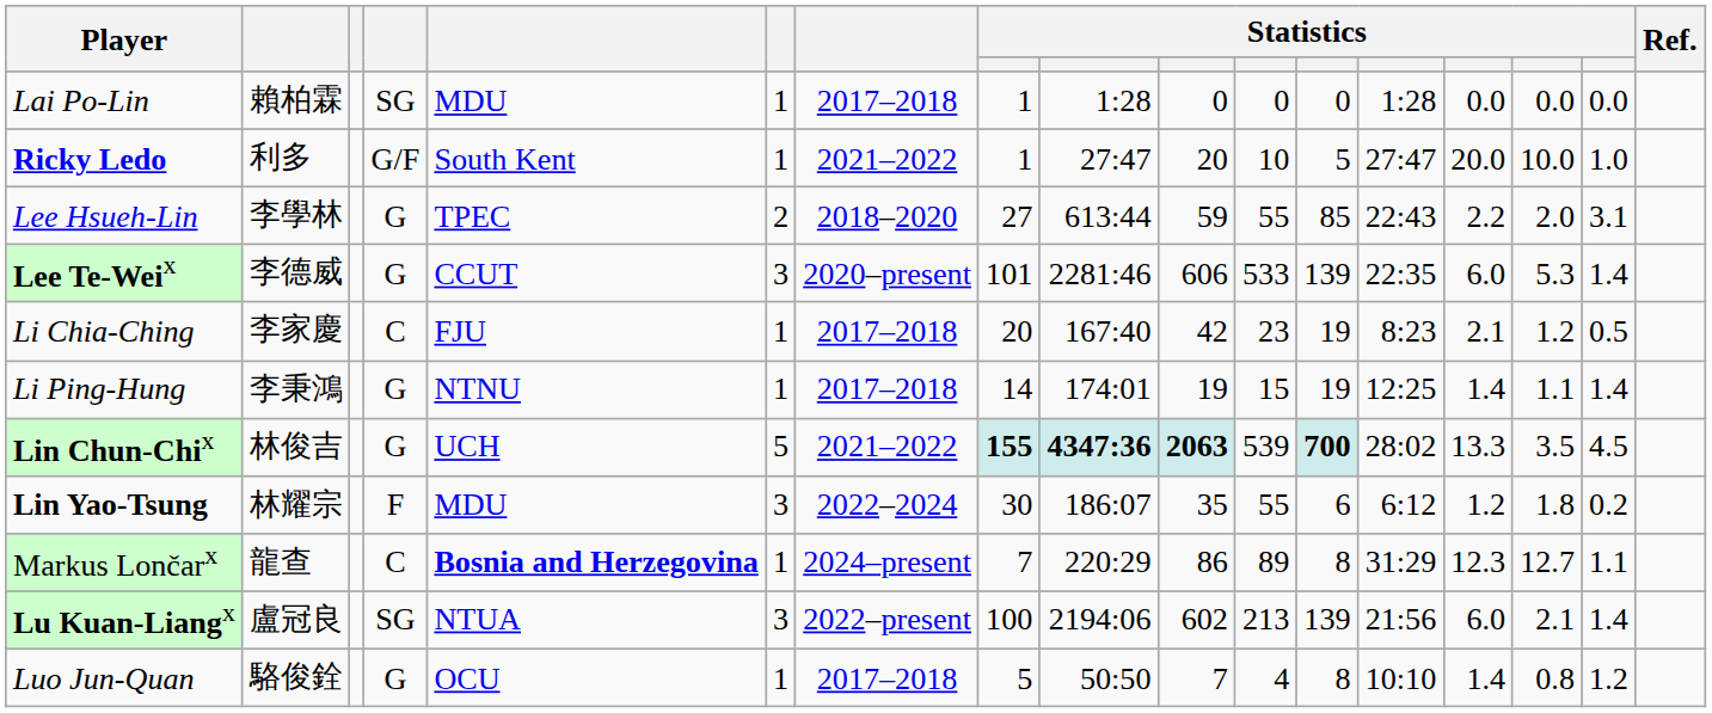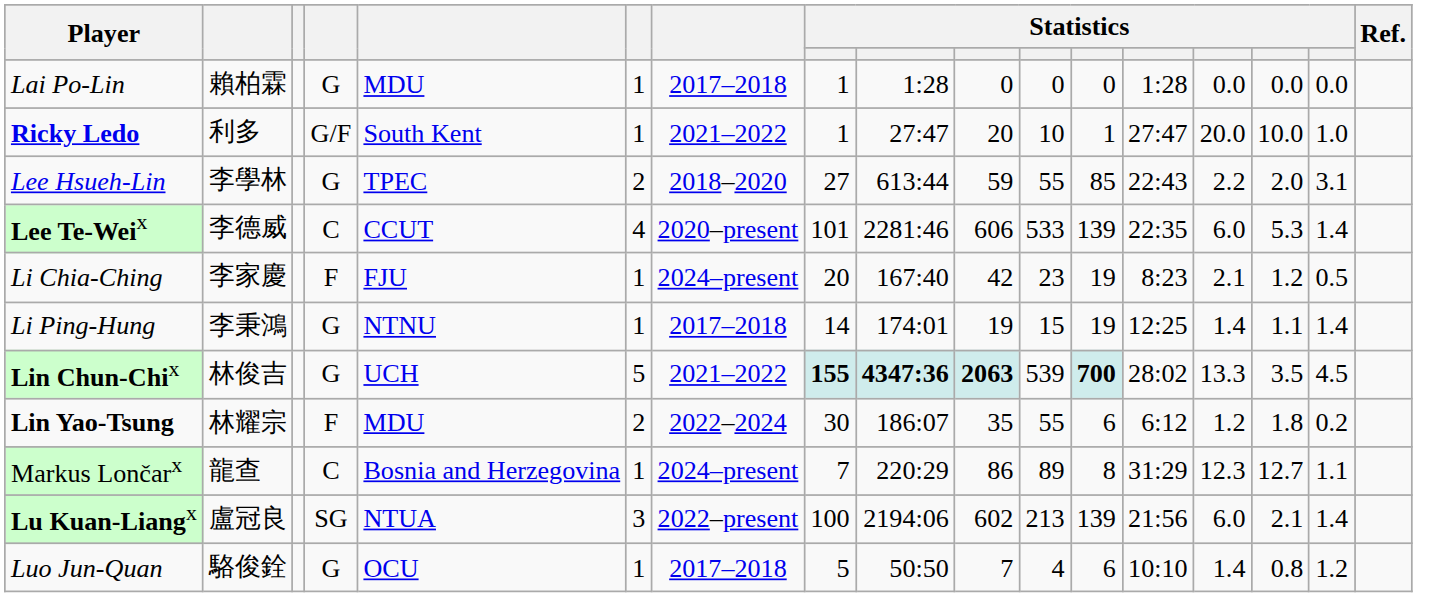 <table class="wikitable sortable" style="font-size:95%; text-align:right;">
 <tr>
 <th rowspan="2">Player</th>
 <th rowspan="2"></th>
 <th rowspan="2"></th>
 <th rowspan="2"></th>
 <th rowspan="2"></th>
 <th rowspan="2"></th>
 <th rowspan="2"></th>
 <th colspan="9">Statistics</th>
 <th rowspan="2">Ref.</th>
 </tr>
 <tr>
 <th></th>
 <th></th>
 <th></th>
 <th></th>
 <th></th>
 <th></th>
 <th></th>
 <th></th>
 <th></th>
 </tr>
 <tr>
 <td align="left"><em>Lai Po-Lin</em></td>
 <td align="left">賴柏霖</td>
 <td align="center"></td>
-<td align="center">SG</td>
+<td align="center">G</td>
 <td align="left"><a href='#'>MDU</a></td>
 <td align="center">1</td>
 <td align="center"><a href='#'>2017–2018</a></td>
 <td>1</td>
 <td>1:28</td>
 <td>0</td>
 <td>0</td>
 <td>0</td>
 <td>1:28</td>
 <td>0.0</td>
 <td>0.0</td>
 <td>0.0</td>
 <td align="center"></td>
 </tr>
 <tr>
 <td align="left"><strong><a href='#'>Ricky Ledo</a></strong></td>
 <td align="left">利多</td>
 <td align="center"></td>
 <td align="center">G/F</td>
 <td align="left"><a href='#'>South Kent</a></td>
 <td align="center">1</td>
 <td align="center"><a href='#'>2021–2022</a></td>
 <td>1</td>
 <td>27:47</td>
 <td>20</td>
 <td>10</td>
-<td>5</td>
+<td>1</td>
 <td>27:47</td>
 <td>20.0</td>
 <td>10.0</td>
 <td>1.0</td>
 <td align="center"></td>
 </tr>
 <tr>
 <td align="left"><em><a href='#'>Lee Hsueh-Lin</a></em></td>
 <td align="left">李學林</td>
 <td align="center"></td>
 <td align="center">G</td>
 <td align="left"><a href='#'>TPEC</a></td>
 <td align="center">2</td>
 <td align="center"><a href='#'>2018</a>–<a href='#'>2020</a></td>
 <td>27</td>
 <td>613:44</td>
 <td>59</td>
 <td>55</td>
 <td>85</td>
 <td>22:43</td>
 <td>2.2</td>
 <td>2.0</td>
 <td>3.1</td>
 <td align="center"></td>
 </tr>
 <tr>
 <td align="left" bgcolor="#CCFFCC"><strong>Lee Te-Wei</strong><sup>x</sup></td>
 <td align="left">李德威</td>
 <td align="center"></td>
-<td align="center">G</td>
+<td align="center">C</td>
 <td align="left"><a href='#'>CCUT</a></td>
-<td align="center">3</td>
+<td align="center">4</td>
 <td align="center"><a href='#'>2020</a>–<a href='#'>present</a></td>
 <td>101</td>
 <td>2281:46</td>
 <td>606</td>
 <td>533</td>
 <td>139</td>
 <td>22:35</td>
 <td>6.0</td>
 <td>5.3</td>
 <td>1.4</td>
 <td align="center"></td>
 </tr>
 <tr>
 <td align="left"><em>Li Chia-Ching</em></td>
 <td align="left">李家慶</td>
 <td align="center"></td>
-<td align="center">C</td>
+<td align="center">F</td>
 <td align="left"><a href='#'>FJU</a></td>
 <td align="center">1</td>
-<td align="center"><a href='#'>2017–2018</a></td>
+<td align="center"><a href='#'>2024–present</a></td>
 <td>20</td>
 <td>167:40</td>
 <td>42</td>
 <td>23</td>
 <td>19</td>
 <td>8:23</td>
 <td>2.1</td>
 <td>1.2</td>
 <td>0.5</td>
 <td align="center"></td>
 </tr>
 <tr>
 <td align="left"><em>Li Ping-Hung</em></td>
 <td align="left">李秉鴻</td>
 <td align="center"></td>
 <td align="center">G</td>
 <td align="left"><a href='#'>NTNU</a></td>
 <td align="center">1</td>
 <td align="center"><a href='#'>2017–2018</a></td>
 <td>14</td>
 <td>174:01</td>
 <td>19</td>
 <td>15</td>
 <td>19</td>
 <td>12:25</td>
 <td>1.4</td>
 <td>1.1</td>
 <td>1.4</td>
 <td align="center"></td>
 </tr>
 <tr>
 <td align="left" bgcolor="#CCFFCC"><strong>Lin Chun-Chi</strong><sup>x</sup></td>
 <td align="left">林俊吉</td>
 <td align="center"></td>
 <td align="center">G</td>
 <td align="left"><a href='#'>UCH</a></td>
 <td align="center">5</td>
 <td align="center"><a href='#'>2021–2022</a></td>
 <td bgcolor="#CFECEC"><strong>155</strong></td>
 <td bgcolor="#CFECEC"><strong>4347:36</strong></td>
 <td bgcolor="#CFECEC"><strong>2063</strong></td>
 <td>539</td>
 <td bgcolor="#CFECEC"><strong>700</strong></td>
 <td>28:02</td>
 <td>13.3</td>
 <td>3.5</td>
 <td>4.5</td>
 <td align="center"></td>
 </tr>
 <tr>
 <td align="left"><strong>Lin Yao-Tsung</strong></td>
 <td align="left">林耀宗</td>
 <td align="center"></td>
 <td align="center">F</td>
 <td align="left"><a href='#'>MDU</a></td>
-<td align="center">3</td>
+<td align="center">2</td>
 <td align="center"><a href='#'>2022</a>–<a href='#'>2024</a></td>
 <td>30</td>
 <td>186:07</td>
 <td>35</td>
 <td>55</td>
 <td>6</td>
 <td>6:12</td>
 <td>1.2</td>
 <td>1.8</td>
 <td>0.2</td>
 <td align="center"></td>
 </tr>
 <tr>
 <td align="left" bgcolor="#CCFFCC">Markus Lončar<sup>x</sup></td>
 <td align="left">龍查</td>
 <td align="center"></td>
 <td align="center">C</td>
-<td align="left"><strong><a href='#'>Bosnia and Herzegovina</a></strong></td>
+<td align="left"><a href='#'>Bosnia and Herzegovina</a></td>
 <td align="center">1</td>
 <td align="center"><a href='#'>2024–present</a></td>
 <td>7</td>
 <td>220:29</td>
 <td>86</td>
 <td>89</td>
 <td>8</td>
 <td>31:29</td>
 <td>12.3</td>
 <td>12.7</td>
 <td>1.1</td>
 <td align="center"></td>
 </tr>
 <tr>
 <td align="left" bgcolor="#CCFFCC"><strong>Lu Kuan-Liang</strong><sup>x</sup></td>
 <td align="left">盧冠良</td>
 <td align="center"></td>
 <td align="center">SG</td>
 <td align="left"><a href='#'>NTUA</a></td>
 <td align="center">3</td>
 <td align="center"><a href='#'>2022</a>–<a href='#'>present</a></td>
 <td>100</td>
 <td>2194:06</td>
 <td>602</td>
 <td>213</td>
 <td>139</td>
 <td>21:56</td>
 <td>6.0</td>
 <td>2.1</td>
 <td>1.4</td>
 <td align="center"></td>
 </tr>
 <tr>
 <td align="left"><em>Luo Jun-Quan</em></td>
 <td align="left">駱俊銓</td>
 <td align="center"></td>
 <td align="center">G</td>
 <td align="left"><a href='#'>OCU</a></td>
 <td align="center">1</td>
 <td align="center"><a href='#'>2017–2018</a></td>
 <td>5</td>
 <td>50:50</td>
 <td>7</td>
 <td>4</td>
-<td>8</td>
+<td>6</td>
 <td>10:10</td>
 <td>1.4</td>
 <td>0.8</td>
 <td>1.2</td>
 <td align="center"></td>
 </tr>
 </table>
